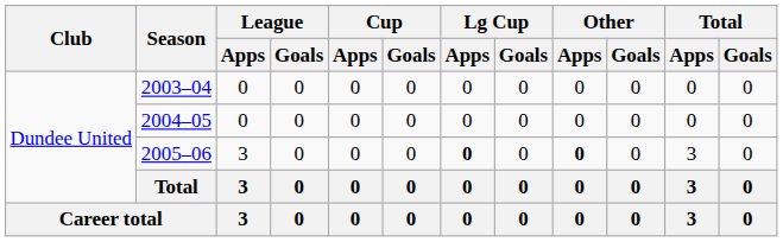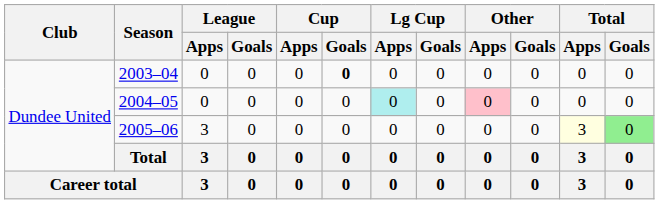 <table class="wikitable" style="font-size:95%; text-align:center">
 <tr>
 <th rowspan="2">Club</th>
 <th rowspan="2">Season</th>
 <th colspan="2">League</th>
 <th colspan="2">Cup</th>
 <th colspan="2">Lg Cup</th>
 <th colspan="2">Other</th>
 <th colspan="2">Total</th>
 </tr>
 <tr>
 <th>Apps</th>
 <th>Goals</th>
 <th>Apps</th>
 <th>Goals</th>
 <th>Apps</th>
 <th>Goals</th>
 <th>Apps</th>
 <th>Goals</th>
 <th>Apps</th>
 <th>Goals</th>
 </tr>
 <tr>
 <td rowspan="4"><a href='#'>Dundee United</a></td>
 <td><a href='#'>2003–04</a></td>
 <td>0</td>
 <td>0</td>
 <td>0</td>
-<td>0</td>
+<td><strong>0</strong></td>
 <td>0</td>
 <td>0</td>
 <td>0</td>
 <td>0</td>
 <td>0</td>
 <td>0</td>
 </tr>
 <tr>
 <td><a href='#'>2004–05</a></td>
 <td>0</td>
 <td>0</td>
 <td>0</td>
 <td>0</td>
+<td style="background: paleturquoise;">0</td>
 <td>0</td>
-<td>0</td>
-<td>0</td>
+<td style="background: pink;">0</td>
 <td>0</td>
 <td>0</td>
 <td>0</td>
 </tr>
 <tr>
 <td><a href='#'>2005–06</a></td>
 <td>3</td>
 <td>0</td>
 <td>0</td>
 <td>0</td>
-<td><strong>0</strong></td>
 <td>0</td>
-<td><strong>0</strong></td>
 <td>0</td>
-<td>3</td>
 <td>0</td>
+<td>0</td>
+<td style="background: lightyellow;">3</td>
+<td style="background: lightgreen;">0</td>
 </tr>
 <tr>
 <th>Total</th>
 <th>3</th>
 <th>0</th>
 <th>0</th>
 <th>0</th>
 <th>0</th>
 <th>0</th>
 <th>0</th>
 <th>0</th>
 <th>3</th>
 <th>0</th>
 </tr>
 <tr>
 <th colspan="2">Career total</th>
 <th>3</th>
 <th>0</th>
 <th>0</th>
 <th>0</th>
 <th>0</th>
 <th>0</th>
 <th>0</th>
 <th>0</th>
 <th>3</th>
 <th>0</th>
 </tr>
 </table>
